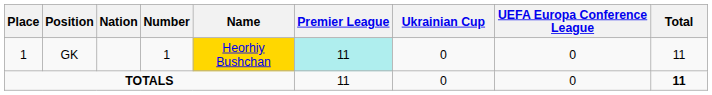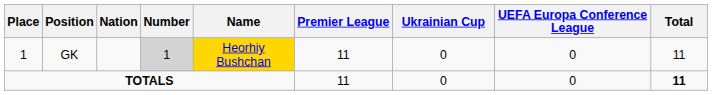 <table class="wikitable" style="font-size: 95%; text-align: center;">
 <tr>
 <th width=20>Place</th>
 <th width=20>Position</th>
 <th width=20>Nation</th>
 <th width=20>Number</th>
 <th width=150>Name</th>
 <th width=150><a href='#'>Premier League</a></th>
 <th width=150><a href='#'>Ukrainian Cup</a></th>
 <th width=250><a href='#'>UEFA Europa Conference League</a></th>
 <th width=80>Total</th>
 </tr>
 <tr>
 <td>1</td>
 <td>GK</td>
 <td></td>
-<td>1</td>
+<td style="background: lightgrey;">1</td>
 <td style="background: gold;"><a href='#'>Heorhiy Bushchan</a></td>
-<td style="background: paleturquoise;">11</td>
+<td>11</td>
 <td>0</td>
 <td>0</td>
 <td>11</td>
 </tr>
 <tr>
 <td colspan="5"><strong>TOTALS</strong></td>
 <td>11</td>
 <td>0</td>
 <td>0</td>
 <td><strong>11</strong></td>
 </tr>
 </table>
